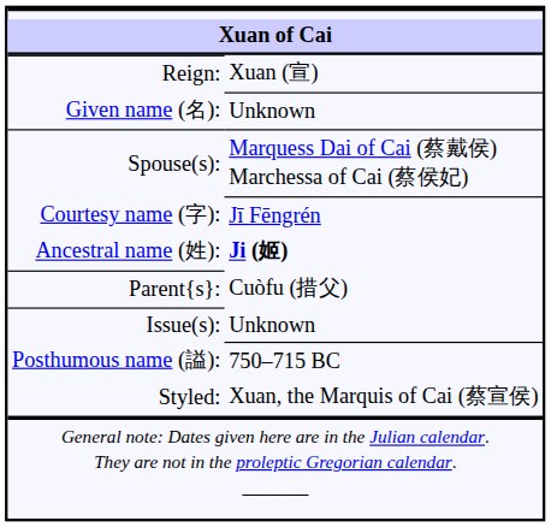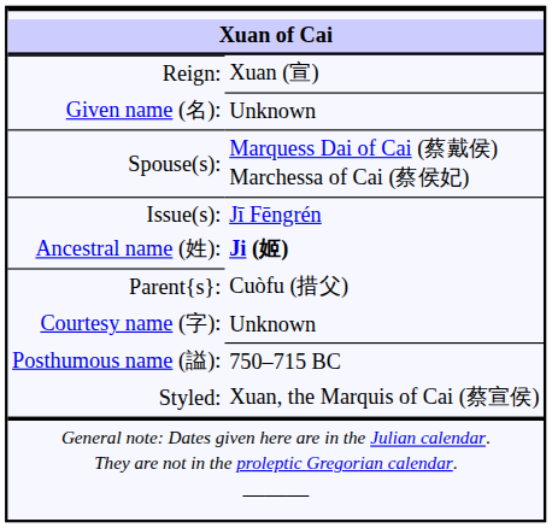 <table cellpadding=3px cellspacing=0px bgcolor=#f7f8ff style="float:right; border:2px solid; margin:5px">
 <tr>
 <td colspan=2 align=center style="border-top:2px solid"></td>
 </tr>
 <tr>
 <th align=center style="background:#ccf; border-bottom:2px solid" colspan=2>Xuan of Cai</th>
 </tr>
 <tr>
 <td align=right style="border-top:1px solid">Reign:</td>
 <td>Xuan (宣)</td>
 </tr>
 <tr>
 <td align="right"><a href='#'>Given name</a> (名):</td>
 <td style="border-top:1px solid">Unknown</td>
 </tr>
 <tr>
 <td align=right style="border-top:1px solid">Spouse(s):</td>
 <td style="border-top:1px solid"><a href='#'>Marquess Dai of Cai</a> (蔡戴侯) <br> Marchessa of Cai (蔡侯妃)</td>
 </tr>
 <tr>
-<td align="right"><a href='#'>Courtesy name</a> (字):</td>
+<td align=right style="border-top:1px solid">Issue(s):</td>
 <td style="border-top:1px solid"><a href='#'>Jī Fēngrén</a></td>
 </tr>
 <tr>
 <td align="right"><a href='#'>Ancestral name</a> (姓):</td>
 <td><strong><a href='#'>Ji</a> (姬)</strong></td>
 </tr>
 <tr>
 <td align=right style="border-top:1px solid">Parent{s}:</td>
 <td>Cuòfu (措父)</td>
 </tr>
 <tr>
-<td align=right style="border-top:1px solid">Issue(s):</td>
+<td align="right"><a href='#'>Courtesy name</a> (字):</td>
 <td>Unknown</td>
 </tr>
 <tr>
 <td align="right" nowrap="nowrap"><a href='#'>Posthumous name</a> (謚):</td>
 <td style="border-top:1px solid">750–715 BC</td>
 </tr>
 <tr>
 <td align="right">Styled:</td>
 <td>Xuan, the Marquis of Cai (蔡宣侯)</td>
 </tr>
 <tr>
 <td colspan=2 align=center style="border-top:3px solid"><small><em>General note: Dates given here are in the <a href='#'>Julian calendar</a></em>.<br><em>They are not in the <a href='#'>proleptic Gregorian calendar</a></em>.</small></td>
 </tr>
 <tr>
 <td colspan=2 align=center>———</td>
 </tr>
 <tr>
 <td></td>
 </tr>
 <tr>
 </tr>
 </table>
